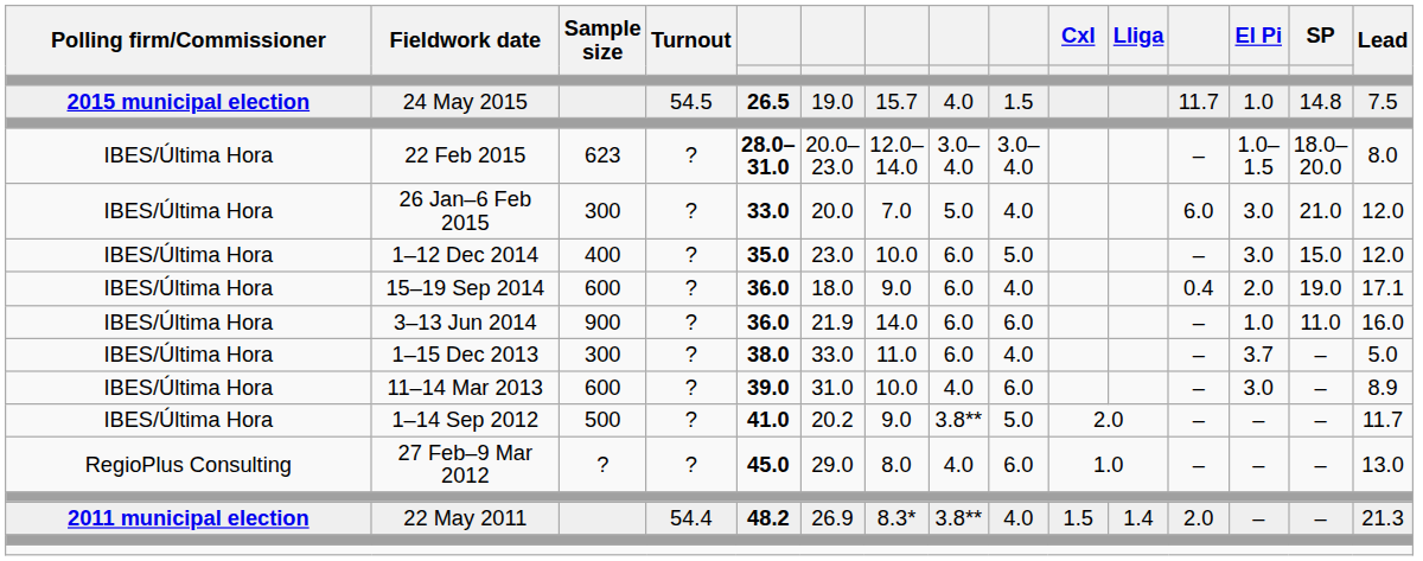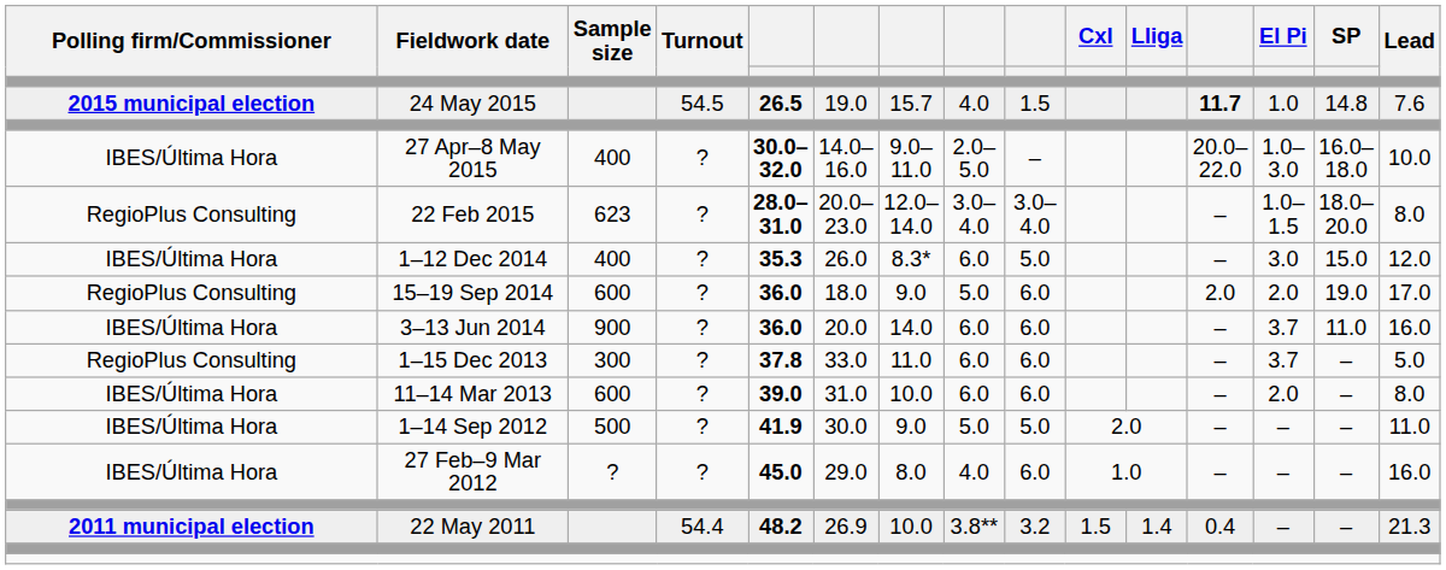 <table class="wikitable collapsible collapsed" style="text-align:center; font-size:95%; line-height:16px;">
 <tr style="height:42px;">
 <th style="width:250px;" rowspan="2">Polling firm/Commissioner</th>
 <th style="width:125px;" rowspan="2">Fieldwork date</th>
 <th style="width:50px;" rowspan="2">Sample size</th>
 <th style="width:45px;" rowspan="2">Turnout</th>
 <th style="width:35px;"></th>
 <th style="width:35px;"></th>
 <th style="width:35px;"></th>
 <th style="width:35px;"></th>
 <th style="width:35px;"></th>
 <th style="width:35px;"><a href='#'>CxI</a></th>
 <th style="width:35px;"><a href='#'>Lliga</a></th>
 <th style="width:35px;"></th>
 <th style="width:35px;"><a href='#'>El Pi</a></th>
 <th style="width:35px;">SP</th>
 <th style="width:30px;" rowspan="2">Lead</th>
 </tr>
 <tr>
 <th style="color:inherit;background:"></th>
 <th style="color:inherit;background:"></th>
 <th style="color:inherit;background:"></th>
 <th style="color:inherit;background:"></th>
 <th style="color:inherit;background:"></th>
 <th style="color:inherit;background:"></th>
 <th style="color:inherit;background:"></th>
 <th style="color:inherit;background:"></th>
 <th style="color:inherit;background:"></th>
 <th style="color:inherit;background:"></th>
 </tr>
 <tr>
 <td colspan="15" style="background:#A0A0A0"></td>
 </tr>
 <tr style="background:#EFEFEF;">
 <td><strong><a href='#'>2015 municipal election</a></strong></td>
 <td>24 May 2015</td>
 <td></td>
 <td>54.5</td>
 <td><strong>26.5</strong><br></td>
 <td>19.0<br></td>
 <td>15.7<br></td>
 <td>4.0<br></td>
 <td>1.5<br></td>
 <td></td>
 <td></td>
-<td>11.7<br></td>
+<td><strong>11.7<br></strong></td>
 <td>1.0<br></td>
 <td>14.8<br></td>
-<td style="background:">7.5</td>
+<td style="background:">7.6</td>
 </tr>
 <tr>
 <td colspan="15" style="background:#A0A0A0"></td>
 </tr>
 <tr>
 <td>IBES/Última Hora</td>
+<td>27 Apr–8 May 2015</td>
+<td>400</td>
+<td>?</td>
+<td><strong>30.0–<br>32.0</strong><br></td>
+<td>14.0–<br>16.0<br></td>
+<td>9.0–<br>11.0<br></td>
+<td>2.0–<br>5.0<br></td>
+<td>–</td>
+<td></td>
+<td></td>
+<td>20.0–<br>22.0<br></td>
+<td>1.0–<br>3.0<br></td>
+<td>16.0–<br>18.0<br></td>
+<td style="background:">10.0</td>
+</tr>
+<tr>
+<td>RegioPlus Consulting</td>
 <td>22 Feb 2015</td>
 <td>623</td>
 <td>?</td>
 <td><strong>28.0–<br>31.0</strong><br></td>
 <td>20.0–<br>23.0<br></td>
 <td>12.0–<br>14.0<br></td>
 <td>3.0–<br>4.0<br></td>
 <td>3.0–<br>4.0<br></td>
 <td></td>
 <td></td>
 <td>–</td>
 <td>1.0–<br>1.5<br></td>
 <td>18.0–<br>20.0<br></td>
 <td style="background:">8.0</td>
 </tr>
 <tr>
 <td>IBES/Última Hora</td>
-<td>26 Jan–6 Feb 2015</td>
-<td>300</td>
-<td>?</td>
-<td><strong>33.0</strong><br></td>
-<td>20.0<br></td>
-<td>7.0<br></td>
-<td>5.0<br></td>
-<td>4.0<br></td>
-<td></td>
-<td></td>
-<td>6.0<br></td>
-<td>3.0<br></td>
-<td>21.0<br></td>
-<td style="background:">12.0</td>
-</tr>
-<tr>
-<td>IBES/Última Hora</td>
 <td>1–12 Dec 2014</td>
 <td>400</td>
 <td>?</td>
-<td><strong>35.0</strong><br></td>
-<td>23.0<br></td>
-<td>10.0<br></td>
+<td><strong>35.3</strong><br></td>
+<td>26.0<br></td>
+<td>8.3*<br></td>
 <td>6.0<br></td>
 <td>5.0<br></td>
 <td></td>
 <td></td>
 <td>–</td>
 <td>3.0<br></td>
 <td>15.0<br></td>
 <td style="background:">12.0</td>
 </tr>
 <tr>
-<td>IBES/Última Hora</td>
+<td>RegioPlus Consulting</td>
 <td>15–19 Sep 2014</td>
 <td>600</td>
 <td>?</td>
 <td><strong>36.0</strong><br></td>
 <td>18.0<br></td>
 <td>9.0<br></td>
+<td>5.0<br></td>
 <td>6.0<br></td>
-<td>4.0<br></td>
 <td></td>
 <td></td>
-<td>0.4<br></td>
+<td>2.0<br></td>
 <td>2.0<br></td>
 <td>19.0<br></td>
-<td style="background:">17.1</td>
+<td style="background:">17.0</td>
 </tr>
 <tr>
 <td>IBES/Última Hora</td>
 <td>3–13 Jun 2014</td>
 <td>900</td>
 <td>?</td>
 <td><strong>36.0</strong><br></td>
-<td>21.9<br></td>
+<td>20.0<br></td>
 <td>14.0<br></td>
 <td>6.0<br></td>
 <td>6.0<br></td>
 <td></td>
 <td></td>
 <td>–</td>
-<td>1.0<br></td>
+<td>3.7<br></td>
 <td>11.0<br></td>
 <td style="background:">16.0</td>
 </tr>
 <tr>
-<td>IBES/Última Hora</td>
+<td>RegioPlus Consulting</td>
 <td>1–15 Dec 2013</td>
 <td>300</td>
 <td>?</td>
-<td><strong>38.0</strong><br></td>
+<td><strong>37.8</strong><br></td>
 <td>33.0<br></td>
 <td>11.0<br></td>
 <td>6.0<br></td>
-<td>4.0<br></td>
+<td>6.0<br></td>
 <td></td>
 <td></td>
 <td>–</td>
 <td>3.7<br></td>
 <td>–</td>
 <td style="background:">5.0</td>
 </tr>
 <tr>
 <td>IBES/Última Hora</td>
 <td>11–14 Mar 2013</td>
 <td>600</td>
 <td>?</td>
 <td><strong>39.0</strong><br></td>
 <td>31.0<br></td>
 <td>10.0<br></td>
-<td>4.0<br></td>
+<td>6.0<br></td>
 <td>6.0<br></td>
 <td></td>
 <td></td>
 <td>–</td>
-<td>3.0<br></td>
+<td>2.0<br></td>
 <td>–</td>
-<td style="background:">8.9</td>
+<td style="background:">8.0</td>
 </tr>
 <tr>
 <td>IBES/Última Hora</td>
 <td>1–14 Sep 2012</td>
 <td>500</td>
 <td>?</td>
-<td><strong>41.0</strong><br></td>
-<td>20.2<br></td>
+<td><strong>41.9</strong><br></td>
+<td>30.0<br></td>
 <td>9.0<br></td>
-<td>3.8**<br></td>
+<td>5.0<br></td>
 <td>5.0<br></td>
 <td colspan="2">2.0<br></td>
 <td>–</td>
 <td>–</td>
 <td>–</td>
-<td style="background:">11.7</td>
+<td style="background:">11.0</td>
 </tr>
 <tr>
-<td>RegioPlus Consulting</td>
+<td>IBES/Última Hora</td>
 <td>27 Feb–9 Mar 2012</td>
 <td>?</td>
 <td>?</td>
 <td><strong>45.0</strong><br></td>
 <td>29.0<br></td>
 <td>8.0<br></td>
 <td>4.0<br></td>
 <td>6.0<br></td>
 <td colspan="2">1.0<br></td>
 <td>–</td>
 <td>–</td>
 <td>–</td>
-<td style="background:">13.0</td>
+<td style="background:">16.0</td>
 </tr>
 <tr>
 <td colspan="15" style="background:#A0A0A0"></td>
 </tr>
 <tr style="background:#EFEFEF;">
 <td><strong><a href='#'>2011 municipal election</a></strong></td>
 <td>22 May 2011</td>
 <td></td>
 <td>54.4</td>
 <td><strong>48.2</strong><br></td>
 <td>26.9<br></td>
-<td>8.3*<br></td>
+<td>10.0<br></td>
 <td>3.8**<br></td>
-<td>4.0<br></td>
+<td>3.2<br></td>
 <td>1.5<br></td>
 <td>1.4<br></td>
-<td>2.0<br></td>
+<td>0.4<br></td>
 <td>–</td>
 <td>–</td>
 <td style="background:">21.3</td>
 </tr>
 <tr>
 <td colspan="15" style="background:#A0A0A0"></td>
 </tr>
 <tr>
 <td align="left" colspan="15"></td>
 </tr>
 </table>
